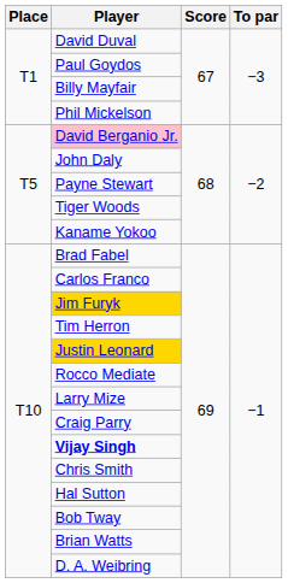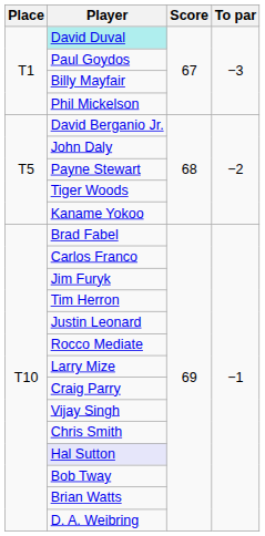 <table class="wikitable">
 <tr>
 <th>Place</th>
 <th>Player</th>
 <th>Score</th>
 <th>To par</th>
 </tr>
 <tr>
 <td rowspan="4" align=center>T1</td>
-<td> <a href='#'>David Duval</a></td>
+<td style="background: paleturquoise;"> <a href='#'>David Duval</a></td>
 <td rowspan="4" align=center>67</td>
 <td rowspan="4" align=center>−3</td>
 </tr>
 <tr>
 <td> <a href='#'>Paul Goydos</a></td>
 </tr>
 <tr>
 <td> <a href='#'>Billy Mayfair</a></td>
 </tr>
 <tr>
 <td> <a href='#'>Phil Mickelson</a></td>
 </tr>
 <tr>
 <td rowspan="5" align=center>T5</td>
-<td style="background: pink;"> <a href='#'>David Berganio Jr.</a></td>
+<td> <a href='#'>David Berganio Jr.</a></td>
 <td rowspan="5" align=center>68</td>
 <td rowspan="5" align=center>−2</td>
 </tr>
 <tr>
 <td> <a href='#'>John Daly</a></td>
 </tr>
 <tr>
 <td> <a href='#'>Payne Stewart</a></td>
 </tr>
 <tr>
 <td> <a href='#'>Tiger Woods</a></td>
 </tr>
 <tr>
 <td> <a href='#'>Kaname Yokoo</a></td>
 </tr>
 <tr>
 <td rowspan="14" align=center>T10</td>
 <td> <a href='#'>Brad Fabel</a></td>
 <td rowspan="14" align=center>69</td>
 <td rowspan="14" align=center>−1</td>
 </tr>
 <tr>
 <td> <a href='#'>Carlos Franco</a></td>
 </tr>
 <tr>
-<td style="background: gold;"> <a href='#'>Jim Furyk</a></td>
+<td> <a href='#'>Jim Furyk</a></td>
 </tr>
 <tr>
 <td> <a href='#'>Tim Herron</a></td>
 </tr>
 <tr>
-<td style="background: gold;"> <a href='#'>Justin Leonard</a></td>
+<td> <a href='#'>Justin Leonard</a></td>
 </tr>
 <tr>
 <td> <a href='#'>Rocco Mediate</a></td>
 </tr>
 <tr>
 <td> <a href='#'>Larry Mize</a></td>
 </tr>
 <tr>
 <td> <a href='#'>Craig Parry</a></td>
 </tr>
 <tr>
-<td><strong> <a href='#'>Vijay Singh</a></strong></td>
+<td> <a href='#'>Vijay Singh</a></td>
 </tr>
 <tr>
 <td> <a href='#'>Chris Smith</a></td>
 </tr>
 <tr>
-<td> <a href='#'>Hal Sutton</a></td>
+<td style="background: lavender;"> <a href='#'>Hal Sutton</a></td>
 </tr>
 <tr>
 <td> <a href='#'>Bob Tway</a></td>
 </tr>
 <tr>
 <td> <a href='#'>Brian Watts</a></td>
 </tr>
 <tr>
 <td> <a href='#'>D. A. Weibring</a></td>
 </tr>
 </table>
